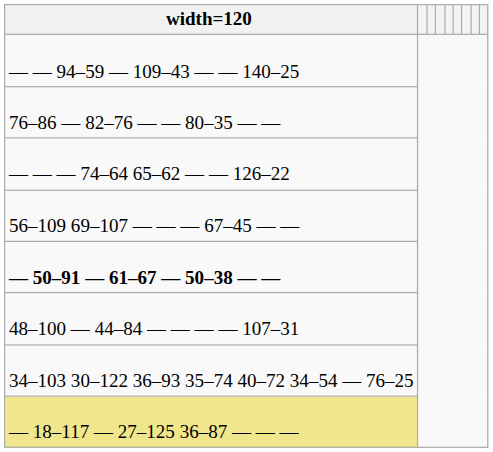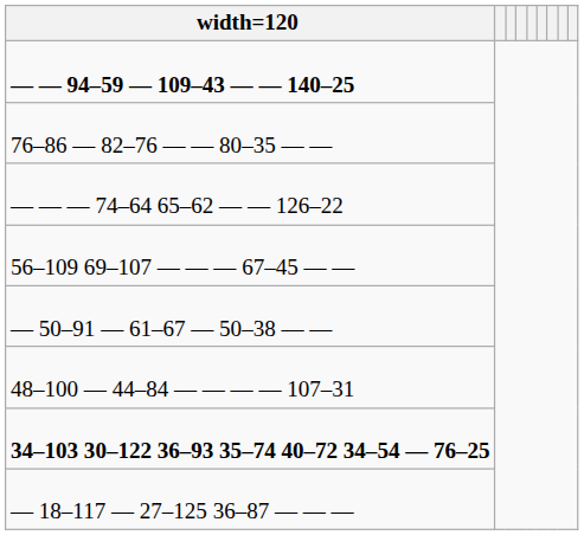 <table class="wikitable" style="text-align:center;">
 <tr>
 <th>width=120 </th>
 <th></th>
 <th></th>
 <th></th>
 <th></th>
 <th></th>
 <th></th>
 <th></th>
 <th></th>
 </tr>
 <tr>
-<td style="text-align:left;"><br> —  —  94–59  —  109–43  —  —  140–25</td>
+<td style="text-align:left;"><strong><br> —  —  94–59  —  109–43  —  —  140–25</strong></td>
 </tr>
 <tr>
 <td style="text-align:left;"><br> 76–86  —  82–76  —  —  80–35  —  —</td>
 </tr>
 <tr>
 <td style="text-align:left;"><br> —  —  —  74–64  65–62  —  —  126–22</td>
 </tr>
 <tr>
 <td style="text-align:left;"><br> 56–109  69–107  —  —  —  67–45  —  —</td>
 </tr>
 <tr>
-<td style="text-align:left;"><strong><br> —  50–91  —  61–67  —  50–38  —  —</strong></td>
+<td style="text-align:left;"><br> —  50–91  —  61–67  —  50–38  —  —</td>
 </tr>
 <tr>
 <td style="text-align:left;"><br> 48–100  —  44–84  —  —  —  —  107–31</td>
 </tr>
 <tr>
-<td style="text-align:left;"><br> 34–103  30–122  36–93  35–74  40–72  34–54  —  76–25</td>
+<td style="text-align:left;"><strong><br> 34–103  30–122  36–93  35–74  40–72  34–54  —  76–25</strong></td>
 </tr>
 <tr>
-<td style="background: khaki; text-align:left;"><br> —  18–117  —  27–125  36–87  —  —  —</td>
+<td style="text-align:left;"><br> —  18–117  —  27–125  36–87  —  —  —</td>
 </tr>
 </table>
